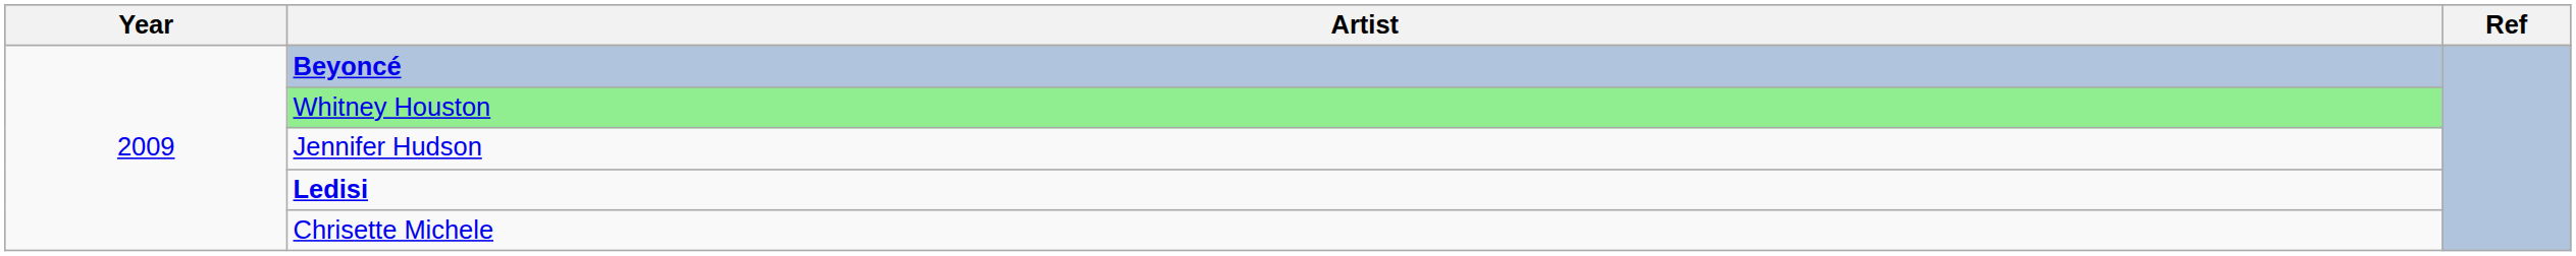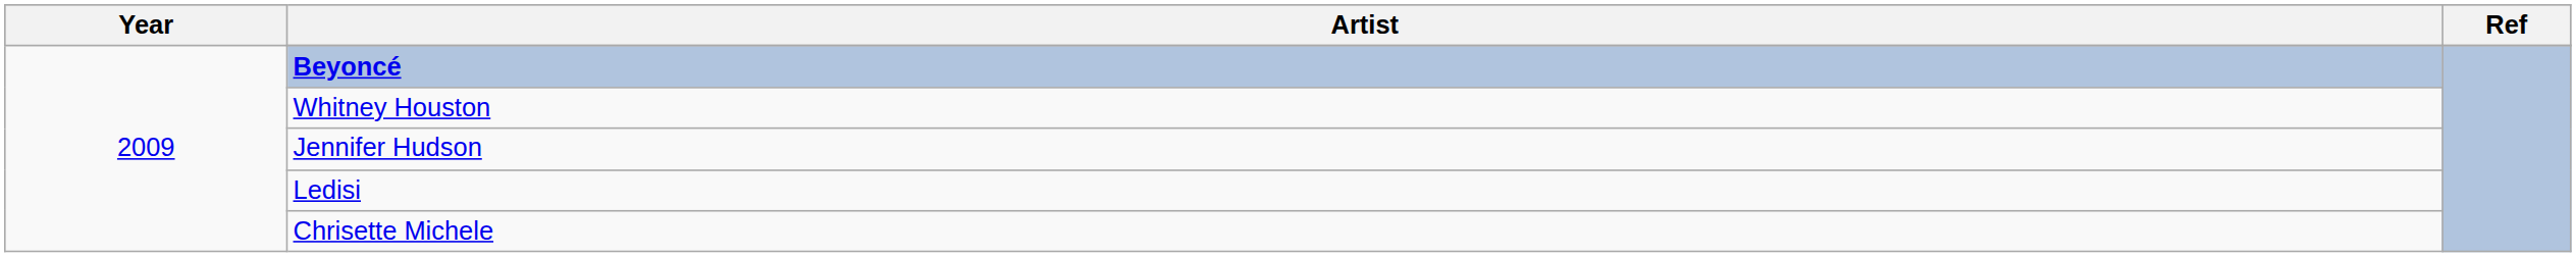 <table class="wikitable" style="width:100%;">
 <tr style="background:#bebebe;">
 <th style="width:11%;">Year</th>
 <th style="width:84%;">Artist</th>
 <th style="width:5%;">Ref</th>
 </tr>
 <tr>
 <td rowspan="6" align="center"><a href='#'>2009</a></td>
 </tr>
 <tr style="background:#B0C4DE">
 <td><strong><a href='#'>Beyoncé</a></strong></td>
 <td rowspan="6" align="center"></td>
 </tr>
 <tr>
-<td style="background: lightgreen;"><a href='#'>Whitney Houston</a></td>
+<td><a href='#'>Whitney Houston</a></td>
 </tr>
 <tr>
 <td><a href='#'>Jennifer Hudson</a></td>
 </tr>
 <tr>
-<td><strong><a href='#'>Ledisi</a></strong></td>
+<td><a href='#'>Ledisi</a></td>
 </tr>
 <tr>
 <td><a href='#'>Chrisette Michele</a></td>
 </tr>
 </table>
